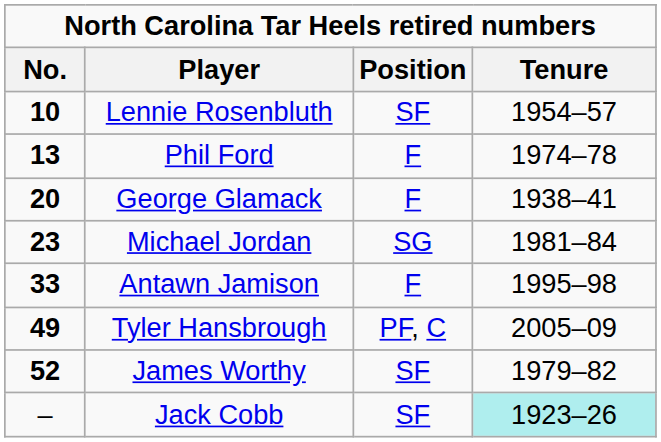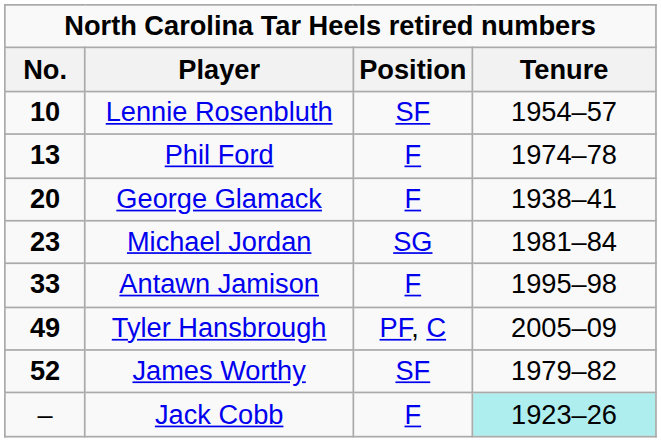 <table class="wikitable sortable" style="text-align:center">
 <tr>
 <td colspan="5"><strong>North Carolina Tar Heels retired numbers</strong></td>
 </tr>
 <tr>
 <th width=40px>No.</th>
 <th width=150px>Player</th>
 <th width=40px>Position</th>
 <th width=100px>Tenure</th>
 </tr>
 <tr>
 <td><strong>10</strong></td>
 <td><a href='#'>Lennie Rosenbluth</a></td>
 <td><a href='#'>SF</a></td>
 <td>1954–57</td>
 </tr>
 <tr>
 <td><strong>13</strong></td>
 <td><a href='#'>Phil Ford</a></td>
 <td><a href='#'>F</a></td>
 <td>1974–78</td>
 </tr>
 <tr>
 <td><strong>20</strong></td>
 <td><a href='#'>George Glamack</a></td>
 <td><a href='#'>F</a></td>
 <td>1938–41</td>
 </tr>
 <tr>
 <td><strong>23</strong></td>
 <td><a href='#'>Michael Jordan</a></td>
 <td><a href='#'>SG</a></td>
 <td>1981–84</td>
 </tr>
 <tr>
 <td><strong>33</strong></td>
 <td><a href='#'>Antawn Jamison</a></td>
 <td><a href='#'>F</a></td>
 <td>1995–98</td>
 </tr>
 <tr>
 <td><strong>49</strong></td>
 <td><a href='#'>Tyler Hansbrough</a></td>
 <td><a href='#'>PF</a>, <a href='#'>C</a></td>
 <td>2005–09</td>
 </tr>
 <tr>
 <td><strong>52</strong></td>
 <td><a href='#'>James Worthy</a></td>
 <td><a href='#'>SF</a></td>
 <td>1979–82</td>
 </tr>
 <tr>
 <td>–</td>
 <td><a href='#'>Jack Cobb</a></td>
-<td><a href='#'>SF</a></td>
+<td><a href='#'>F</a></td>
 <td style="background: paleturquoise;">1923–26</td>
 </tr>
 </table>
